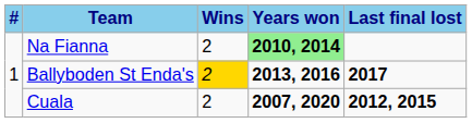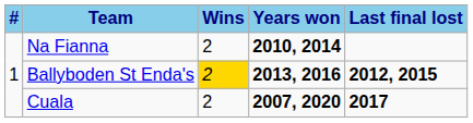 <table class="wikitable" border="1">
 <tr>
 <th style="background:skyblue;color:navy;">#</th>
 <th style="background:skyblue;color:navy;">Team</th>
 <th style="background:skyblue;color:navy;">Wins</th>
 <th style="background:skyblue;color:navy;">Years won</th>
 <th style="background:skyblue;color:navy;">Last final lost</th>
 </tr>
 <tr>
 <td rowspan="3">1</td>
 <td><a href='#'>Na Fianna</a></td>
 <td>2</td>
-<td style="background: lightgreen;"><strong>2010, 2014</strong></td>
+<td><strong>2010, 2014</strong></td>
 <td></td>
 </tr>
 <tr>
 <td><a href='#'>Ballyboden St Enda's</a></td>
 <td style="background: gold;"><em>2</em></td>
 <td><strong>2013, 2016</strong></td>
-<td><strong>2017</strong></td>
+<td><strong>2012, 2015</strong></td>
 </tr>
 <tr>
 <td><a href='#'>Cuala</a></td>
 <td>2</td>
 <td><strong>2007, 2020</strong></td>
-<td><strong>2012, 2015</strong></td>
+<td><strong>2017</strong></td>
 </tr>
 </table>
